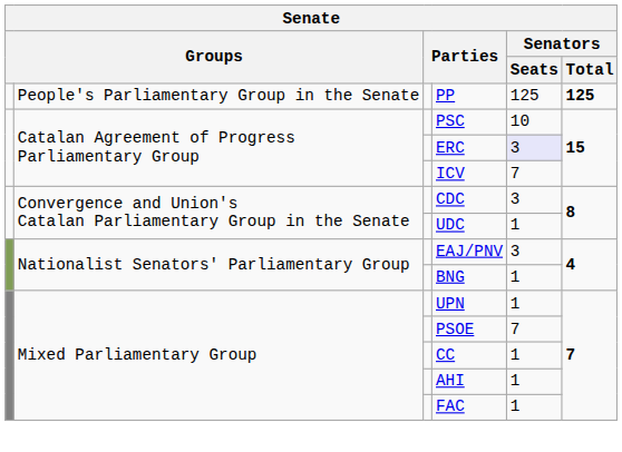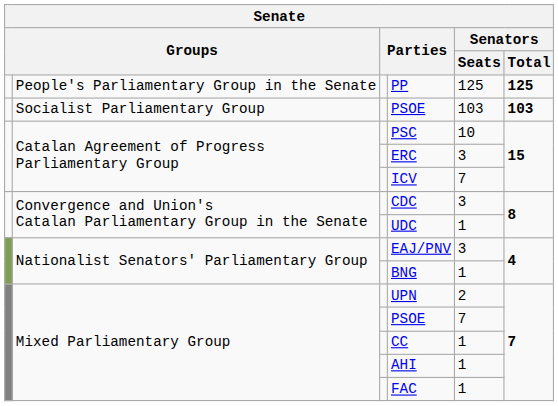 <table class="wikitable" style="text-align:left;">
 <tr>
 <th colspan="6">Senate</th>
 </tr>
 <tr>
 <th rowspan="2" colspan="2">Groups</th>
 <th rowspan="2" colspan="2">Parties</th>
 <th colspan="2">Senators</th>
 </tr>
 <tr>
 <th>Seats</th>
 <th>Total</th>
 </tr>
 <tr>
 <td width="1" style="color:inherit;background:"></td>
 <td>People's Parliamentary Group in the Senate</td>
 <td width="1" style="color:inherit;background:"></td>
 <td><a href='#'>PP</a></td>
 <td>125</td>
 <td><strong>125</strong></td>
 </tr>
 <tr>
+<td style="color:inherit;background:"></td>
+<td>Socialist Parliamentary Group</td>
+<td style="color:inherit;background:"></td>
+<td><a href='#'>PSOE</a></td>
+<td>103</td>
+<td><strong>103</strong></td>
+</tr>
+<tr>
 <td rowspan="3" style="color:inherit;background:"></td>
 <td rowspan="3">Catalan Agreement of Progress<br>Parliamentary Group</td>
 <td style="color:inherit;background:"></td>
 <td><a href='#'>PSC</a></td>
 <td>10</td>
 <td rowspan="3"><strong>15</strong></td>
 </tr>
 <tr>
 <td style="color:inherit;background:"></td>
 <td><a href='#'>ERC</a></td>
-<td style="background: lavender;">3</td>
+<td>3</td>
 </tr>
 <tr>
 <td style="color:inherit;background:"></td>
 <td><a href='#'>ICV</a></td>
 <td>7</td>
 </tr>
 <tr>
 <td rowspan="2" style="color:inherit;background:"></td>
 <td rowspan="2">Convergence and Union's<br>Catalan Parliamentary Group in the Senate</td>
 <td style="color:inherit;background:"></td>
 <td><a href='#'>CDC</a></td>
 <td>3</td>
 <td rowspan="2"><strong>8</strong></td>
 </tr>
 <tr>
 <td style="color:inherit;background:"></td>
 <td><a href='#'>UDC</a></td>
 <td>1</td>
 </tr>
 <tr>
 <td rowspan="2" bgcolor="#809D56"></td>
 <td rowspan="2">Nationalist Senators' Parliamentary Group</td>
 <td style="color:inherit;background:"></td>
 <td><a href='#'>EAJ/PNV</a></td>
 <td>3</td>
 <td rowspan="2"><strong>4</strong></td>
 </tr>
 <tr>
 <td style="color:inherit;background:"></td>
 <td><a href='#'>BNG</a></td>
 <td>1</td>
 </tr>
 <tr>
 <td rowspan="5" bgcolor="gray"></td>
 <td rowspan="5">Mixed Parliamentary Group</td>
 <td style="color:inherit;background:"></td>
 <td><a href='#'>UPN</a></td>
-<td>1</td>
+<td>2</td>
 <td rowspan="5"><strong>7</strong></td>
 </tr>
 <tr>
 <td style="color:inherit;background:"></td>
 <td><a href='#'>PSOE</a></td>
 <td>7</td>
 </tr>
 <tr>
 <td style="color:inherit;background:"></td>
 <td><a href='#'>CC</a></td>
 <td>1</td>
 </tr>
 <tr>
 <td style="color:inherit;background:"></td>
 <td><a href='#'>AHI</a></td>
 <td>1</td>
 </tr>
 <tr>
 <td style="color:inherit;background:"></td>
 <td><a href='#'>FAC</a></td>
 <td>1</td>
 </tr>
 </table>
